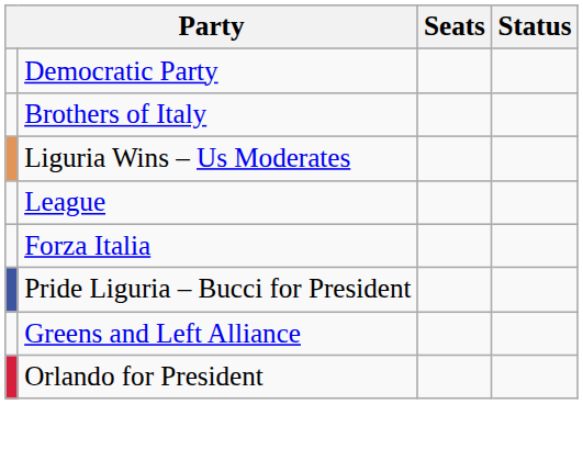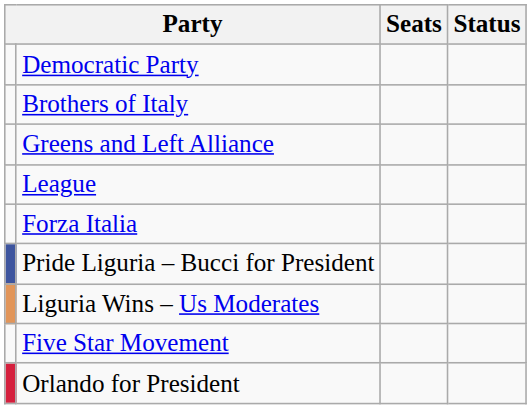 <table class=wikitable>
 <tr>
 <th colspan=2>Party</th>
 <th>Seats</th>
 <th>Status</th>
 </tr>
 <tr>
 <td style="color:inherit;background:"></td>
 <td><a href='#'>Democratic Party</a></td>
 <td></td>
 <td></td>
 </tr>
 <tr>
 <td style="color:inherit;background:"></td>
 <td><a href='#'>Brothers of Italy</a></td>
 <td></td>
 <td></td>
 </tr>
 <tr>
-<td style="color:inherit;background:#E29559"></td>
-<td>Liguria Wins – <a href='#'>Us Moderates</a></td>
+<td style="color:inherit;background:"></td>
+<td><a href='#'>Greens and Left Alliance</a></td>
 <td></td>
 <td></td>
 </tr>
 <tr>
 <td style="color:inherit;background:"></td>
 <td><a href='#'>League</a></td>
 <td></td>
 <td></td>
 </tr>
 <tr>
 <td style="color:inherit;background:"></td>
 <td><a href='#'>Forza Italia</a></td>
 <td></td>
 <td></td>
 </tr>
 <tr>
 <td style="color:inherit;background:#3D549E"></td>
 <td>Pride Liguria – Bucci for President</td>
 <td></td>
 <td></td>
 </tr>
 <tr>
+<td style="color:inherit;background:#E29559"></td>
+<td>Liguria Wins – <a href='#'>Us Moderates</a></td>
+<td></td>
+<td></td>
+</tr>
+<tr>
 <td style="color:inherit;background:"></td>
-<td><a href='#'>Greens and Left Alliance</a></td>
+<td><a href='#'>Five Star Movement</a></td>
 <td></td>
 <td></td>
 </tr>
 <tr>
 <td style="color:inherit;background:#D51F3D"></td>
 <td>Orlando for President</td>
 <td></td>
 <td></td>
 </tr>
 </table>
